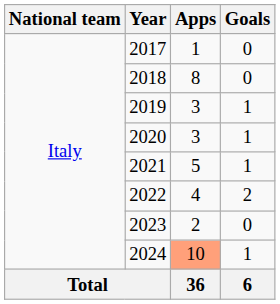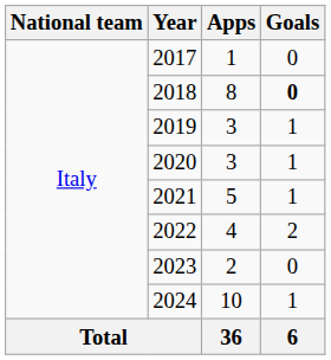 <table class="wikitable" style="text-align: center;">
 <tr>
 <th>National team</th>
 <th>Year</th>
 <th>Apps</th>
 <th>Goals</th>
 </tr>
 <tr>
 <td rowspan=8><a href='#'>Italy</a></td>
 <td>2017</td>
 <td>1</td>
 <td>0</td>
 </tr>
 <tr>
 <td>2018</td>
 <td>8</td>
-<td>0</td>
+<td><strong>0</strong></td>
 </tr>
 <tr>
 <td>2019</td>
 <td>3</td>
 <td>1</td>
 </tr>
 <tr>
 <td>2020</td>
 <td>3</td>
 <td>1</td>
 </tr>
 <tr>
 <td>2021</td>
 <td>5</td>
 <td>1</td>
 </tr>
 <tr>
 <td>2022</td>
 <td>4</td>
 <td>2</td>
 </tr>
 <tr>
 <td>2023</td>
 <td>2</td>
 <td>0</td>
 </tr>
 <tr>
 <td>2024</td>
-<td style="background: lightsalmon;">10</td>
+<td>10</td>
 <td>1</td>
 </tr>
 <tr>
 <th colspan=2>Total</th>
 <th>36</th>
 <th>6</th>
 </tr>
 </table>
